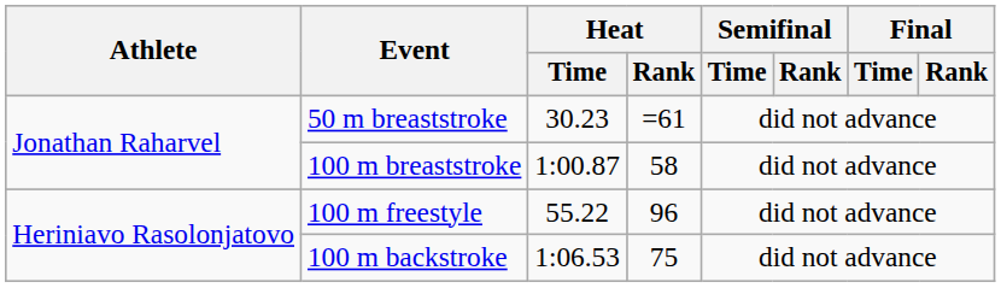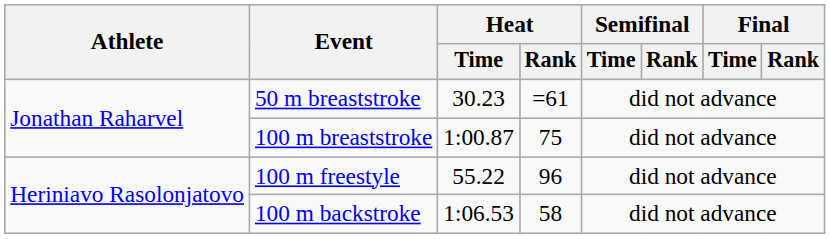 <table class="wikitable" style="text-align:center; font-size:90%">
 <tr>
 <th rowspan="2">Athlete</th>
 <th rowspan="2">Event</th>
 <th colspan="2">Heat</th>
 <th colspan="2">Semifinal</th>
 <th colspan="2">Final</th>
 </tr>
 <tr style="font-size:95%">
 <th>Time</th>
 <th>Rank</th>
 <th>Time</th>
 <th>Rank</th>
 <th>Time</th>
 <th>Rank</th>
 </tr>
 <tr>
 <td align=left rowspan=2><a href='#'>Jonathan Raharvel</a></td>
 <td align=left><a href='#'>50 m breaststroke</a></td>
 <td>30.23</td>
 <td>=61</td>
 <td colspan=4>did not advance</td>
 </tr>
 <tr>
 <td align=left><a href='#'>100 m breaststroke</a></td>
 <td>1:00.87</td>
-<td>58</td>
+<td>75</td>
 <td colspan=4>did not advance</td>
 </tr>
 <tr>
 <td align=left rowspan=2><a href='#'>Heriniavo Rasolonjatovo</a></td>
 <td align=left><a href='#'>100 m freestyle</a></td>
 <td>55.22</td>
 <td>96</td>
 <td colspan=4>did not advance</td>
 </tr>
 <tr>
 <td align=left><a href='#'>100 m backstroke</a></td>
 <td>1:06.53</td>
-<td>75</td>
+<td>58</td>
 <td colspan=4>did not advance</td>
 </tr>
 </table>
